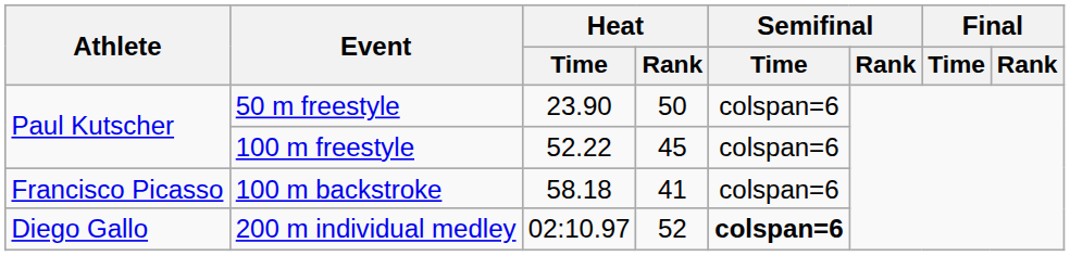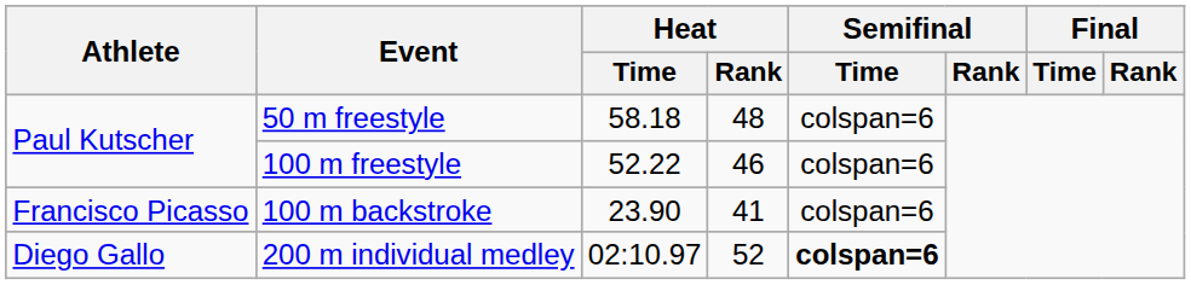 <table class=wikitable style=font-size:90%;text-align:center>
 <tr>
 <th rowspan=2>Athlete</th>
 <th rowspan=2>Event</th>
 <th colspan=2>Heat</th>
 <th colspan=2>Semifinal</th>
 <th colspan=2>Final</th>
 </tr>
 <tr style=font-size:95%>
 <th>Time</th>
 <th>Rank</th>
 <th>Time</th>
 <th>Rank</th>
 <th>Time</th>
 <th>Rank</th>
 </tr>
 <tr>
 <td align=left rowspan=2><a href='#'>Paul Kutscher</a></td>
 <td align=left><a href='#'>50 m freestyle</a></td>
-<td>23.90</td>
-<td>50</td>
+<td>58.18</td>
+<td>48</td>
 <td>colspan=6 </td>
 </tr>
 <tr>
 <td align=left><a href='#'>100 m freestyle</a></td>
 <td>52.22</td>
-<td>45</td>
+<td>46</td>
 <td>colspan=6 </td>
 </tr>
 <tr>
 <td align=left><a href='#'>Francisco Picasso</a></td>
 <td align=left><a href='#'>100 m backstroke</a></td>
-<td>58.18</td>
+<td>23.90</td>
 <td>41</td>
 <td>colspan=6 </td>
 </tr>
 <tr>
 <td align=left><a href='#'>Diego Gallo</a></td>
 <td align=left><a href='#'>200 m individual medley</a></td>
 <td>02:10.97</td>
 <td>52</td>
 <td><strong>colspan=6 </strong></td>
 </tr>
 </table>
